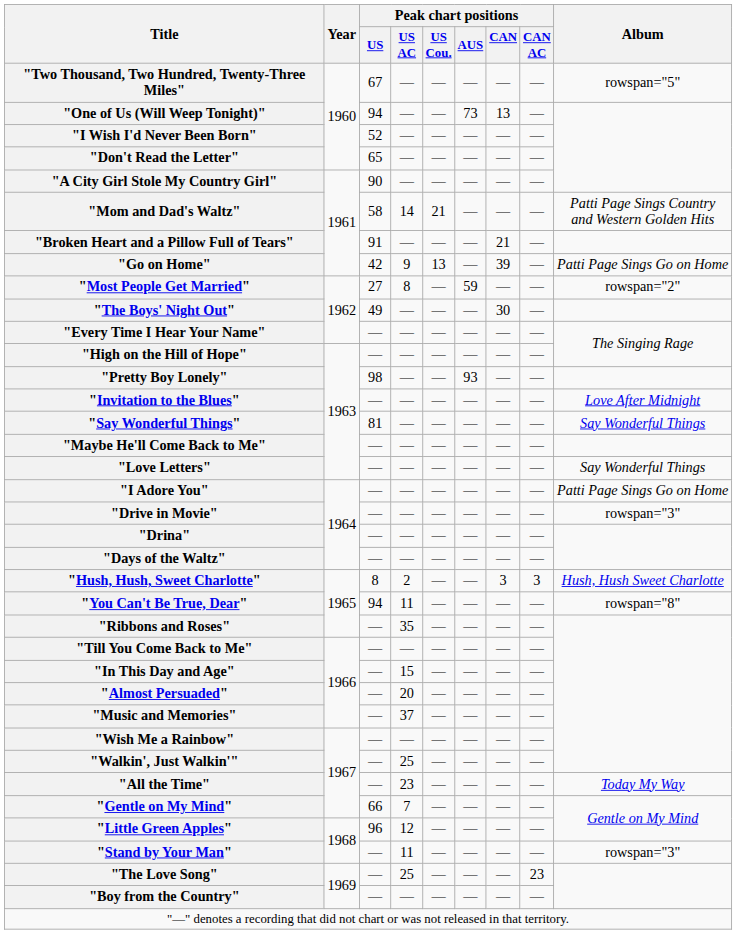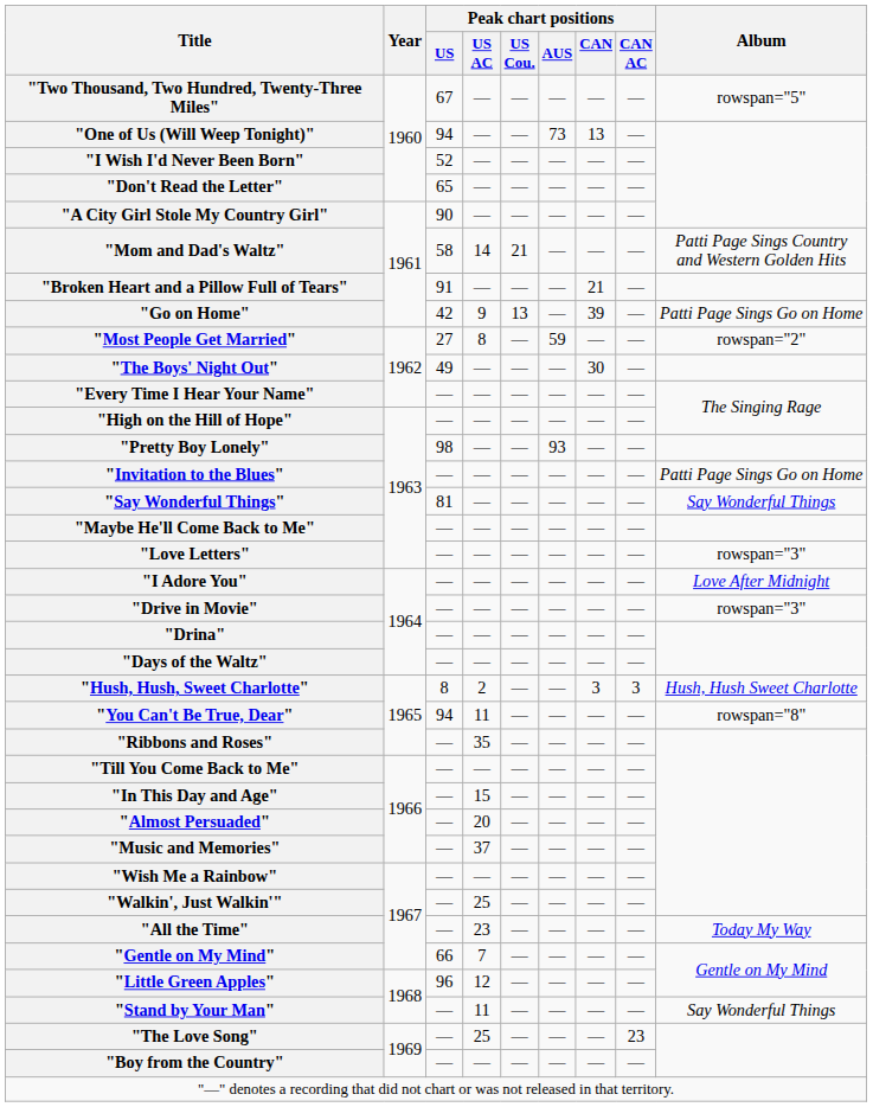 <table class="wikitable plainrowheaders" style="text-align:center;" border="1">
 <tr>
 <th scope="col" rowspan="2" style="width:22em;">Title</th>
 <th scope="col" rowspan="2">Year</th>
 <th scope="col" colspan="6">Peak chart positions</th>
 <th scope="col" rowspan="2">Album</th>
 </tr>
 <tr>
 <th scope="col" style="width:2em;font-size:90%;"><a href='#'>US</a><br></th>
 <th scope="col" style="width:2em;font-size:90%;"><a href='#'>US<br>AC</a><br></th>
 <th scope="col" style="width:2em;font-size:90%;"><a href='#'>US<br>Cou.</a><br></th>
 <th scope="col" style="width:2em;font-size:90%;"><a href='#'>AUS</a><br></th>
 <th scope="col" style="width:2em;font-size:90%;"><a href='#'>CAN</a><br><br></th>
 <th scope="col" style="width:2em;font-size:90%;"><a href='#'>CAN<br>AC</a><br></th>
 </tr>
 <tr>
 <th scope="row">"Two Thousand, Two Hundred, Twenty-Three Miles"</th>
 <td rowspan="4">1960</td>
 <td>67</td>
 <td>—</td>
 <td>—</td>
 <td>—</td>
 <td>—</td>
 <td>—</td>
 <td>rowspan="5" </td>
 </tr>
 <tr>
 <th scope="row">"One of Us (Will Weep Tonight)"</th>
 <td>94</td>
 <td>—</td>
 <td>—</td>
 <td>73</td>
 <td>13</td>
 <td>—</td>
 </tr>
 <tr>
 <th scope="row">"I Wish I'd Never Been Born"</th>
 <td>52</td>
 <td>—</td>
 <td>—</td>
 <td>—</td>
 <td>—</td>
 <td>—</td>
 </tr>
 <tr>
 <th scope="row">"Don't Read the Letter"</th>
 <td>65</td>
 <td>—</td>
 <td>—</td>
 <td>—</td>
 <td>—</td>
 <td>—</td>
 </tr>
 <tr>
 <th scope="row">"A City Girl Stole My Country Girl"</th>
 <td rowspan="4">1961</td>
 <td>90</td>
 <td>—</td>
 <td>—</td>
 <td>—</td>
 <td>—</td>
 <td>—</td>
 </tr>
 <tr>
 <th scope="row">"Mom and Dad's Waltz"</th>
 <td>58</td>
 <td>14</td>
 <td>21</td>
 <td>—</td>
 <td>—</td>
 <td>—</td>
 <td><em>Patti Page Sings Country<br>and Western Golden Hits</em></td>
 </tr>
 <tr>
 <th scope="row">"Broken Heart and a Pillow Full of Tears"</th>
 <td>91</td>
 <td>—</td>
 <td>—</td>
 <td>—</td>
 <td>21</td>
 <td>—</td>
 <td></td>
 </tr>
 <tr>
 <th scope="row">"Go on Home"</th>
 <td>42</td>
 <td>9</td>
 <td>13</td>
 <td>—</td>
 <td>39</td>
 <td>—</td>
 <td><em>Patti Page Sings Go on Home</em></td>
 </tr>
 <tr>
 <th scope="row">"<a href='#'>Most People Get Married</a>"</th>
 <td rowspan="3">1962</td>
 <td>27</td>
 <td>8</td>
 <td>—</td>
 <td>59</td>
 <td>—</td>
 <td>—</td>
 <td>rowspan="2" </td>
 </tr>
 <tr>
 <th scope="row">"<a href='#'>The Boys' Night Out</a>"</th>
 <td>49</td>
 <td>—</td>
 <td>—</td>
 <td>—</td>
 <td>30</td>
 <td>—</td>
 </tr>
 <tr>
 <th scope="row">"Every Time I Hear Your Name"</th>
 <td>—</td>
 <td>—</td>
 <td>—</td>
 <td>—</td>
 <td>—</td>
 <td>—</td>
 <td rowspan="2"><em>The Singing Rage</em></td>
 </tr>
 <tr>
 <th scope="row">"High on the Hill of Hope"</th>
 <td rowspan="6">1963</td>
 <td>—</td>
 <td>—</td>
 <td>—</td>
 <td>—</td>
 <td>—</td>
 <td>—</td>
 </tr>
 <tr>
 <th scope="row">"Pretty Boy Lonely"</th>
 <td>98</td>
 <td>—</td>
 <td>—</td>
 <td>93</td>
 <td>—</td>
 <td>—</td>
 <td></td>
 </tr>
 <tr>
 <th scope="row">"<a href='#'>Invitation to the Blues</a>"</th>
 <td>—</td>
 <td>—</td>
 <td>—</td>
 <td>—</td>
 <td>—</td>
 <td>—</td>
-<td><em><a href='#'>Love After Midnight</a></em></td>
+<td><em>Patti Page Sings Go on Home</em></td>
 </tr>
 <tr>
 <th scope="row">"<a href='#'>Say Wonderful Things</a>"</th>
 <td>81</td>
 <td>—</td>
 <td>—</td>
 <td>—</td>
 <td>—</td>
 <td>—</td>
 <td><em><a href='#'>Say Wonderful Things</a></em></td>
 </tr>
 <tr>
 <th scope="row">"Maybe He'll Come Back to Me"</th>
 <td>—</td>
 <td>—</td>
 <td>—</td>
 <td>—</td>
 <td>—</td>
 <td>—</td>
 <td></td>
 </tr>
 <tr>
 <th scope="row">"Love Letters"</th>
 <td>—</td>
 <td>—</td>
 <td>—</td>
 <td>—</td>
 <td>—</td>
 <td>—</td>
-<td><em>Say Wonderful Things</em></td>
+<td>rowspan="3" </td>
 </tr>
 <tr>
 <th scope="row">"I Adore You"</th>
 <td rowspan="4">1964</td>
 <td>—</td>
 <td>—</td>
 <td>—</td>
 <td>—</td>
 <td>—</td>
 <td>—</td>
-<td><em>Patti Page Sings Go on Home</em></td>
+<td><em><a href='#'>Love After Midnight</a></em></td>
 </tr>
 <tr>
 <th scope="row">"Drive in Movie"</th>
 <td>—</td>
 <td>—</td>
 <td>—</td>
 <td>—</td>
 <td>—</td>
 <td>—</td>
 <td>rowspan="3" </td>
 </tr>
 <tr>
 <th scope="row">"Drina"</th>
 <td>—</td>
 <td>—</td>
 <td>—</td>
 <td>—</td>
 <td>—</td>
 <td>—</td>
 </tr>
 <tr>
 <th scope="row">"Days of the Waltz"</th>
 <td>—</td>
 <td>—</td>
 <td>—</td>
 <td>—</td>
 <td>—</td>
 <td>—</td>
 </tr>
 <tr>
 <th scope="row">"<a href='#'>Hush, Hush, Sweet Charlotte</a>"</th>
 <td rowspan="3">1965</td>
 <td>8</td>
 <td>2</td>
 <td>—</td>
 <td>—</td>
 <td>3</td>
 <td>3</td>
 <td><em><a href='#'>Hush, Hush Sweet Charlotte</a></em></td>
 </tr>
 <tr>
 <th scope="row">"<a href='#'>You Can't Be True, Dear</a>"</th>
 <td>94</td>
 <td>11</td>
 <td>—</td>
 <td>—</td>
 <td>—</td>
 <td>—</td>
 <td>rowspan="8" </td>
 </tr>
 <tr>
 <th scope="row">"Ribbons and Roses"</th>
 <td>—</td>
 <td>35</td>
 <td>—</td>
 <td>—</td>
 <td>—</td>
 <td>—</td>
 </tr>
 <tr>
 <th scope="row">"Till You Come Back to Me"</th>
 <td rowspan="4">1966</td>
 <td>—</td>
 <td>—</td>
 <td>—</td>
 <td>—</td>
 <td>—</td>
 <td>—</td>
 </tr>
 <tr>
 <th scope="row">"In This Day and Age"</th>
 <td>—</td>
 <td>15</td>
 <td>—</td>
 <td>—</td>
 <td>—</td>
 <td>—</td>
 </tr>
 <tr>
 <th scope="row">"<a href='#'>Almost Persuaded</a>"</th>
 <td>—</td>
 <td>20</td>
 <td>—</td>
 <td>—</td>
 <td>—</td>
 <td>—</td>
 </tr>
 <tr>
 <th scope="row">"Music and Memories"</th>
 <td>—</td>
 <td>37</td>
 <td>—</td>
 <td>—</td>
 <td>—</td>
 <td>—</td>
 </tr>
 <tr>
 <th scope="row">"Wish Me a Rainbow"</th>
 <td rowspan="4">1967</td>
 <td>—</td>
 <td>—</td>
 <td>—</td>
 <td>—</td>
 <td>—</td>
 <td>—</td>
 </tr>
 <tr>
 <th scope="row">"Walkin', Just Walkin'"</th>
 <td>—</td>
 <td>25</td>
 <td>—</td>
 <td>—</td>
 <td>—</td>
 <td>—</td>
 </tr>
 <tr>
 <th scope="row">"All the Time"</th>
 <td>—</td>
 <td>23</td>
 <td>—</td>
 <td>—</td>
 <td>—</td>
 <td>—</td>
 <td><em><a href='#'>Today My Way</a></em></td>
 </tr>
 <tr>
 <th scope="row">"<a href='#'>Gentle on My Mind</a>"</th>
 <td>66</td>
 <td>7</td>
 <td>—</td>
 <td>—</td>
 <td>—</td>
 <td>—</td>
 <td rowspan="2"><em><a href='#'>Gentle on My Mind</a></em></td>
 </tr>
 <tr>
 <th scope="row">"<a href='#'>Little Green Apples</a>"</th>
 <td rowspan="2">1968</td>
 <td>96</td>
 <td>12</td>
 <td>—</td>
 <td>—</td>
 <td>—</td>
 <td>—</td>
 </tr>
 <tr>
 <th scope="row">"<a href='#'>Stand by Your Man</a>"</th>
 <td>—</td>
 <td>11</td>
 <td>—</td>
 <td>—</td>
 <td>—</td>
 <td>—</td>
-<td>rowspan="3" </td>
+<td><em>Say Wonderful Things</em></td>
 </tr>
 <tr>
 <th scope="row">"The Love Song"</th>
 <td rowspan="2">1969</td>
 <td>—</td>
 <td>25</td>
 <td>—</td>
 <td>—</td>
 <td>—</td>
 <td>23</td>
 </tr>
 <tr>
 <th scope="row">"Boy from the Country"</th>
 <td>—</td>
 <td>—</td>
 <td>—</td>
 <td>—</td>
 <td>—</td>
 <td>—</td>
 </tr>
 <tr>
 <td colspan="9" style="font-size:90%">"—" denotes a recording that did not chart or was not released in that territory.</td>
 </tr>
 </table>
